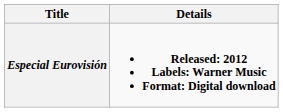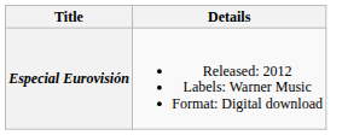 <table class="wikitable plainrowheaders" style="text-align:center;">
 <tr>
 <th scope="col">Title</th>
 <th scope="col">Details</th>
 </tr>
 <tr>
 <th scope="row"><em>Especial Eurovisión</em></th>
-<td><strong><br><ul><li>Released: 2012</li><li>Labels: Warner Music</li><li>Format: Digital download</li></ul></strong></td>
+<td><br><ul><li>Released: 2012</li><li>Labels: Warner Music</li><li>Format: Digital download</li></ul></td>
 </tr>
 </table>
